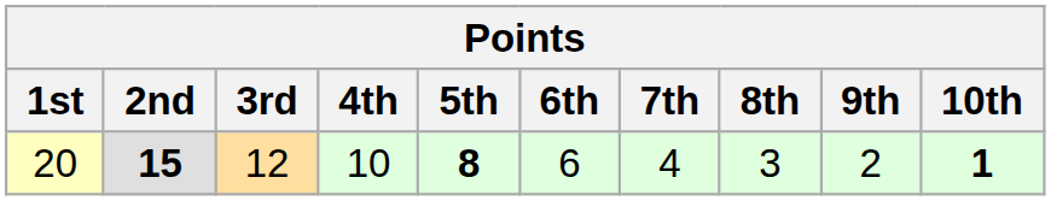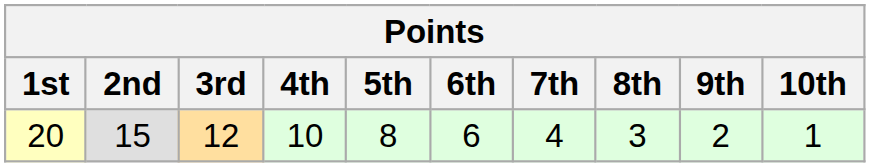 <table class="wikitable" style="font-size:95%; text-align:center">
 <tr>
 <th colspan="10">Points</th>
 </tr>
 <tr>
 <th> 1st </th>
 <th> 2nd </th>
 <th> 3rd </th>
 <th> 4th </th>
 <th> 5th </th>
 <th> 6th </th>
 <th> 7th </th>
 <th> 8th </th>
 <th> 9th </th>
 <th> 10th </th>
 </tr>
 <tr>
 <td style="background:#FFFFBF;">20</td>
-<td style="background:#DFDFDF;"><strong>15</strong></td>
+<td style="background:#DFDFDF;">15</td>
 <td style="background:#FFDF9F;">12</td>
 <td style="background:#DFFFDF;">10</td>
-<td style="background:#DFFFDF;"><strong>8</strong></td>
+<td style="background:#DFFFDF;">8</td>
 <td style="background:#DFFFDF;">6</td>
 <td style="background:#DFFFDF;">4</td>
 <td style="background:#DFFFDF;">3</td>
 <td style="background:#DFFFDF;">2</td>
-<td style="background:#DFFFDF;"><strong>1</strong></td>
+<td style="background:#DFFFDF;">1</td>
 </tr>
 </table>
